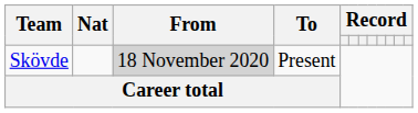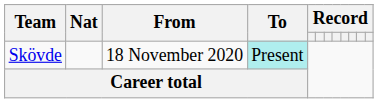 <table class="wikitable" style="text-align: center">
 <tr>
 <th rowspan=2>Team</th>
 <th rowspan=2>Nat</th>
 <th rowspan=2>From</th>
 <th rowspan=2>To</th>
 <th colspan=8>Record</th>
 </tr>
 <tr>
 <th></th>
 <th></th>
 <th></th>
 <th></th>
 <th></th>
 <th></th>
 <th></th>
 <th></th>
 </tr>
 <tr>
 <td><a href='#'>Skövde</a></td>
 <td></td>
-<td style="background: lightgrey;">18 November 2020</td>
-<td>Present<br></td>
+<td>18 November 2020</td>
+<td style="background: paleturquoise;">Present<br></td>
 </tr>
 <tr>
 <th colspan=4>Career total<br></th>
 </tr>
 </table>
